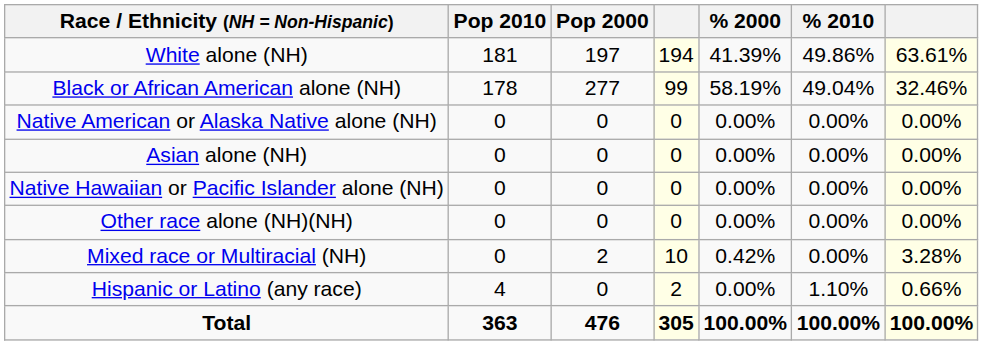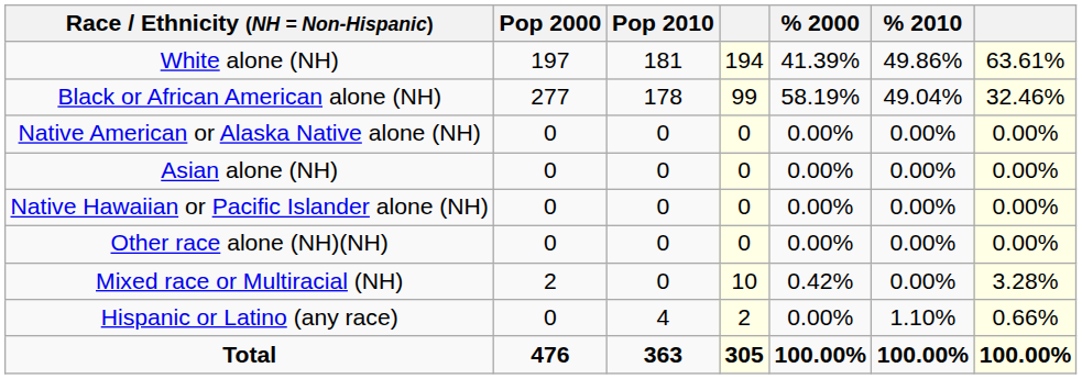 <table class="wikitable" style="text-align:center;">
 <tr>
 <th>Race / Ethnicity <small>(<em>NH = Non-Hispanic</em>)</small></th>
+<th>Pop 2000</th>
 <th>Pop 2010</th>
-<th>Pop 2000</th>
 <th></th>
 <th>% 2000</th>
 <th>% 2010</th>
 <th></th>
 </tr>
 <tr>
 <td><a href='#'>White</a> alone (NH)</td>
+<td>197</td>
 <td>181</td>
-<td>197</td>
 <td style='background: #ffffe6;'>194</td>
 <td>41.39%</td>
 <td>49.86%</td>
 <td style='background: #ffffe6;'>63.61%</td>
 </tr>
 <tr>
 <td><a href='#'>Black or African American</a> alone (NH)</td>
+<td>277</td>
 <td>178</td>
-<td>277</td>
 <td style='background: #ffffe6;'>99</td>
 <td>58.19%</td>
 <td>49.04%</td>
 <td style='background: #ffffe6;'>32.46%</td>
 </tr>
 <tr>
 <td><a href='#'>Native American</a> or <a href='#'>Alaska Native</a> alone (NH)</td>
 <td>0</td>
 <td>0</td>
 <td style='background: #ffffe6;'>0</td>
 <td>0.00%</td>
 <td>0.00%</td>
 <td style='background: #ffffe6;'>0.00%</td>
 </tr>
 <tr>
 <td><a href='#'>Asian</a> alone (NH)</td>
 <td>0</td>
 <td>0</td>
 <td style='background: #ffffe6;'>0</td>
 <td>0.00%</td>
 <td>0.00%</td>
 <td style='background: #ffffe6;'>0.00%</td>
 </tr>
 <tr>
 <td><a href='#'>Native Hawaiian</a> or <a href='#'>Pacific Islander</a> alone (NH)</td>
 <td>0</td>
 <td>0</td>
 <td style='background: #ffffe6;'>0</td>
 <td>0.00%</td>
 <td>0.00%</td>
 <td style='background: #ffffe6;'>0.00%</td>
 </tr>
 <tr>
 <td><a href='#'>Other race</a> alone (NH)(NH)</td>
 <td>0</td>
 <td>0</td>
 <td style='background: #ffffe6;'>0</td>
 <td>0.00%</td>
 <td>0.00%</td>
 <td style='background: #ffffe6;'>0.00%</td>
 </tr>
 <tr>
 <td><a href='#'>Mixed race or Multiracial</a> (NH)</td>
+<td>2</td>
 <td>0</td>
-<td>2</td>
 <td style='background: #ffffe6;'>10</td>
 <td>0.42%</td>
 <td>0.00%</td>
 <td style='background: #ffffe6;'>3.28%</td>
 </tr>
 <tr>
 <td><a href='#'>Hispanic or Latino</a> (any race)</td>
+<td>0</td>
 <td>4</td>
-<td>0</td>
 <td style='background: #ffffe6;'>2</td>
 <td>0.00%</td>
 <td>1.10%</td>
 <td style='background: #ffffe6;'>0.66%</td>
 </tr>
 <tr>
 <td><strong>Total</strong></td>
+<td><strong>476</strong></td>
 <td><strong>363</strong></td>
-<td><strong>476</strong></td>
 <td style='background: #ffffe6;'><strong>305</strong></td>
 <td><strong>100.00%</strong></td>
 <td><strong>100.00%</strong></td>
 <td style='background: #ffffe6;'><strong>100.00%</strong></td>
 </tr>
 </table>
